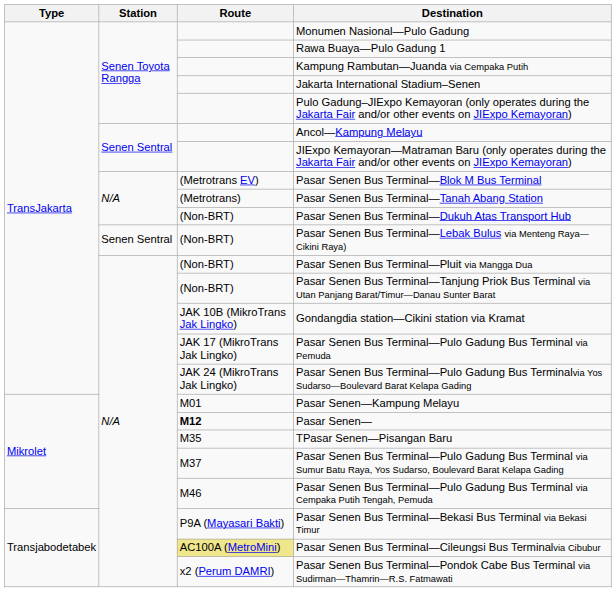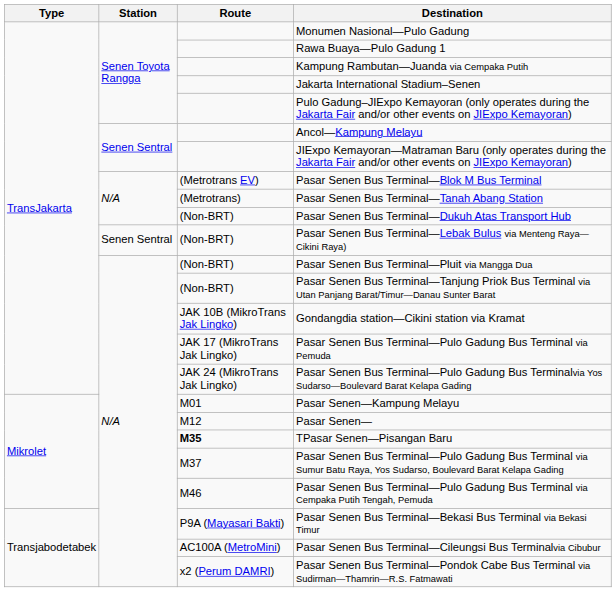 <table class="wikitable">
 <tr>
 <th>Type</th>
 <th>Station</th>
 <th>Route</th>
 <th>Destination</th>
 </tr>
 <tr>
 <td rowspan="16"><a href='#'>TransJakarta</a></td>
 <td rowspan="5"><a href='#'>Senen Toyota Rangga</a></td>
 <td></td>
 <td>Monumen Nasional—Pulo Gadung</td>
 </tr>
 <tr>
 <td></td>
 <td>Rawa Buaya—Pulo Gadung 1</td>
 </tr>
 <tr>
 <td></td>
 <td>Kampung Rambutan—Juanda <small>via Cempaka Putih</small></td>
 </tr>
 <tr>
 <td></td>
 <td>Jakarta International Stadium–Senen</td>
 </tr>
 <tr>
 <td></td>
 <td>Pulo Gadung–JIExpo Kemayoran (only operates during the <a href='#'>Jakarta Fair</a> and/or other events on <a href='#'>JIExpo Kemayoran</a>)</td>
 </tr>
 <tr>
 <td rowspan="2"><a href='#'>Senen Sentral</a></td>
 <td></td>
 <td>Ancol—<a href='#'>Kampung Melayu</a></td>
 </tr>
 <tr>
 <td></td>
 <td>JIExpo Kemayoran—Matraman Baru (only operates during the <a href='#'>Jakarta Fair</a> and/or other events on <a href='#'>JIExpo Kemayoran</a>)</td>
 </tr>
 <tr>
 <td rowspan="3"><em>N/A</em></td>
 <td> (Metrotrans <a href='#'>EV</a>)</td>
 <td>Pasar Senen Bus Terminal—<a href='#'>Blok M Bus Terminal</a></td>
 </tr>
 <tr>
 <td> (Metrotrans)</td>
 <td>Pasar Senen Bus Terminal—<a href='#'>Tanah Abang Station</a></td>
 </tr>
 <tr>
 <td> (Non-BRT)</td>
 <td>Pasar Senen Bus Terminal—<a href='#'>Dukuh Atas Transport Hub</a></td>
 </tr>
 <tr>
 <td>Senen Sentral</td>
 <td> (Non-BRT)</td>
 <td>Pasar Senen Bus Terminal—<a href='#'>Lebak Bulus</a> <small>via Menteng Raya—Cikini Raya)</small></td>
 </tr>
 <tr>
 <td rowspan="13"><em>N/A</em></td>
 <td> (Non-BRT)</td>
 <td>Pasar Senen Bus Terminal—Pluit <small>via Mangga Dua</small></td>
 </tr>
 <tr>
 <td> (Non-BRT)</td>
 <td>Pasar Senen Bus Terminal—Tanjung Priok Bus Terminal <small>via Utan Panjang Barat/Timur—Danau Sunter Barat</small></td>
 </tr>
 <tr>
 <td>JAK 10B (MikroTrans <a href='#'>Jak Lingko</a>)</td>
 <td>Gondangdia station—Cikini station via Kramat</td>
 </tr>
 <tr>
 <td>JAK 17 (MikroTrans Jak Lingko)</td>
 <td>Pasar Senen Bus Terminal—Pulo Gadung Bus Terminal <small>via Pemuda</small></td>
 </tr>
 <tr>
 <td>JAK 24 (MikroTrans Jak Lingko)</td>
 <td>Pasar Senen Bus Terminal—Pulo Gadung Bus Terminal<small>via Yos Sudarso—Boulevard Barat Kelapa Gading</small></td>
 </tr>
 <tr>
 <td rowspan="5"><a href='#'>Mikrolet</a></td>
 <td>M01</td>
 <td>Pasar Senen—Kampung Melayu</td>
 </tr>
 <tr>
-<td><strong>M12</strong></td>
+<td>M12</td>
 <td>Pasar Senen—</td>
 </tr>
 <tr>
-<td>M35</td>
+<td><strong>M35</strong></td>
 <td>TPasar Senen—Pisangan Baru</td>
 </tr>
 <tr>
 <td>M37</td>
 <td>Pasar Senen Bus Terminal—Pulo Gadung Bus Terminal <small>via Sumur Batu Raya, Yos Sudarso, Boulevard Barat Kelapa Gading</small></td>
 </tr>
 <tr>
 <td>M46</td>
 <td>Pasar Senen Bus Terminal—Pulo Gadung Bus Terminal <small>via Cempaka Putih Tengah, Pemuda</small></td>
 </tr>
 <tr>
 <td rowspan="3">Transjabodetabek</td>
 <td>P9A (<a href='#'>Mayasari Bakti</a>)</td>
 <td>Pasar Senen Bus Terminal—Bekasi Bus Terminal <small>via Bekasi Timur</small></td>
 </tr>
 <tr>
-<td style="background: khaki;">AC100A (<a href='#'>MetroMini</a>)</td>
+<td>AC100A (<a href='#'>MetroMini</a>)</td>
 <td>Pasar Senen Bus Terminal—Cileungsi Bus Terminal<small>via Cibubur</small></td>
 </tr>
 <tr>
 <td>x2 (<a href='#'>Perum DAMRI</a>)</td>
 <td>Pasar Senen Bus Terminal—Pondok Cabe Bus Terminal <small>via Sudirman—Thamrin—R.S. Fatmawati</small></td>
 </tr>
 </table>
